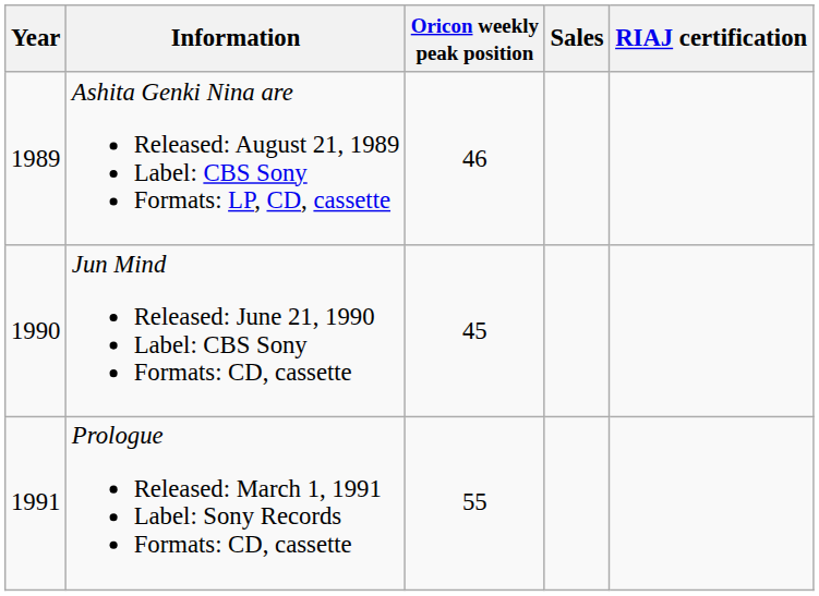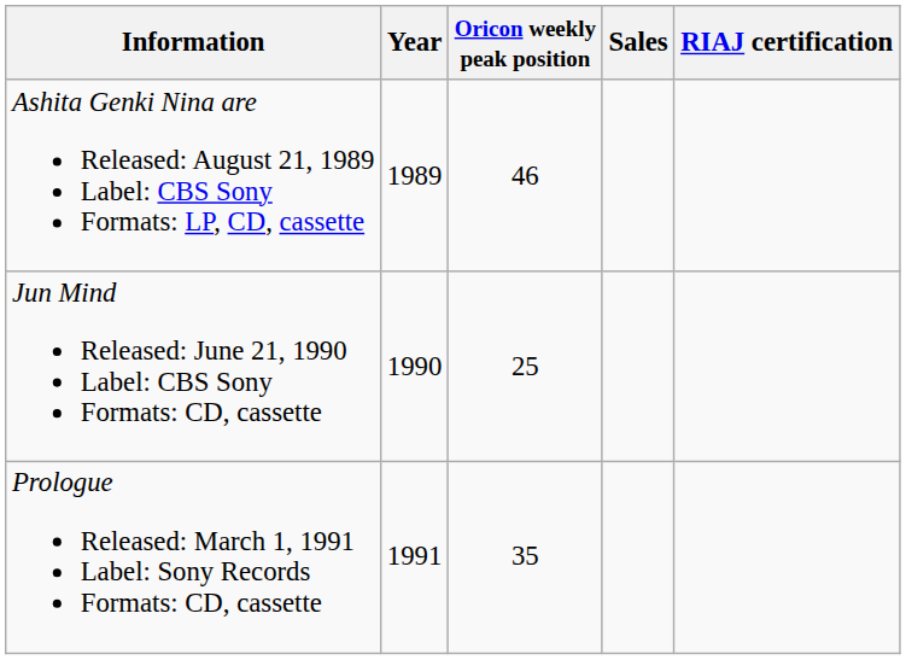 <table class="wikitable">
 <tr>
+<th>Information</th>
 <th>Year</th>
-<th>Information</th>
 <th><small><a href='#'>Oricon</a> weekly<br>peak position</small></th>
 <th>Sales<br></th>
 <th><a href='#'>RIAJ</a> certification</th>
 </tr>
 <tr>
+<td><em>Ashita Genki Nina are</em><br><ul><li>Released: August 21, 1989</li><li>Label: <a href='#'>CBS Sony</a></li><li>Formats: <a href='#'>LP</a>, <a href='#'>CD</a>, <a href='#'>cassette</a></li></ul></td>
 <td>1989</td>
-<td><em>Ashita Genki Nina are</em><br><ul><li>Released: August 21, 1989</li><li>Label: <a href='#'>CBS Sony</a></li><li>Formats: <a href='#'>LP</a>, <a href='#'>CD</a>, <a href='#'>cassette</a></li></ul></td>
 <td style="text-align:center;">46</td>
 <td align="left"></td>
 <td align="left"></td>
 </tr>
 <tr>
+<td><em>Jun Mind</em><br><ul><li>Released: June 21, 1990</li><li>Label: CBS Sony</li><li>Formats: CD, cassette</li></ul></td>
 <td>1990</td>
-<td><em>Jun Mind</em><br><ul><li>Released: June 21, 1990</li><li>Label: CBS Sony</li><li>Formats: CD, cassette</li></ul></td>
-<td style="text-align:center;">45</td>
+<td style="text-align:center;">25</td>
 <td align="left"></td>
 <td align="left"></td>
 </tr>
 <tr>
+<td><em>Prologue</em><br><ul><li>Released: March 1, 1991</li><li>Label: Sony Records</li><li>Formats: CD, cassette</li></ul></td>
 <td>1991</td>
-<td><em>Prologue</em><br><ul><li>Released: March 1, 1991</li><li>Label: Sony Records</li><li>Formats: CD, cassette</li></ul></td>
-<td style="text-align:center;">55</td>
+<td style="text-align:center;">35</td>
 <td align="left"></td>
 <td align="left"></td>
 </tr>
 </table>
